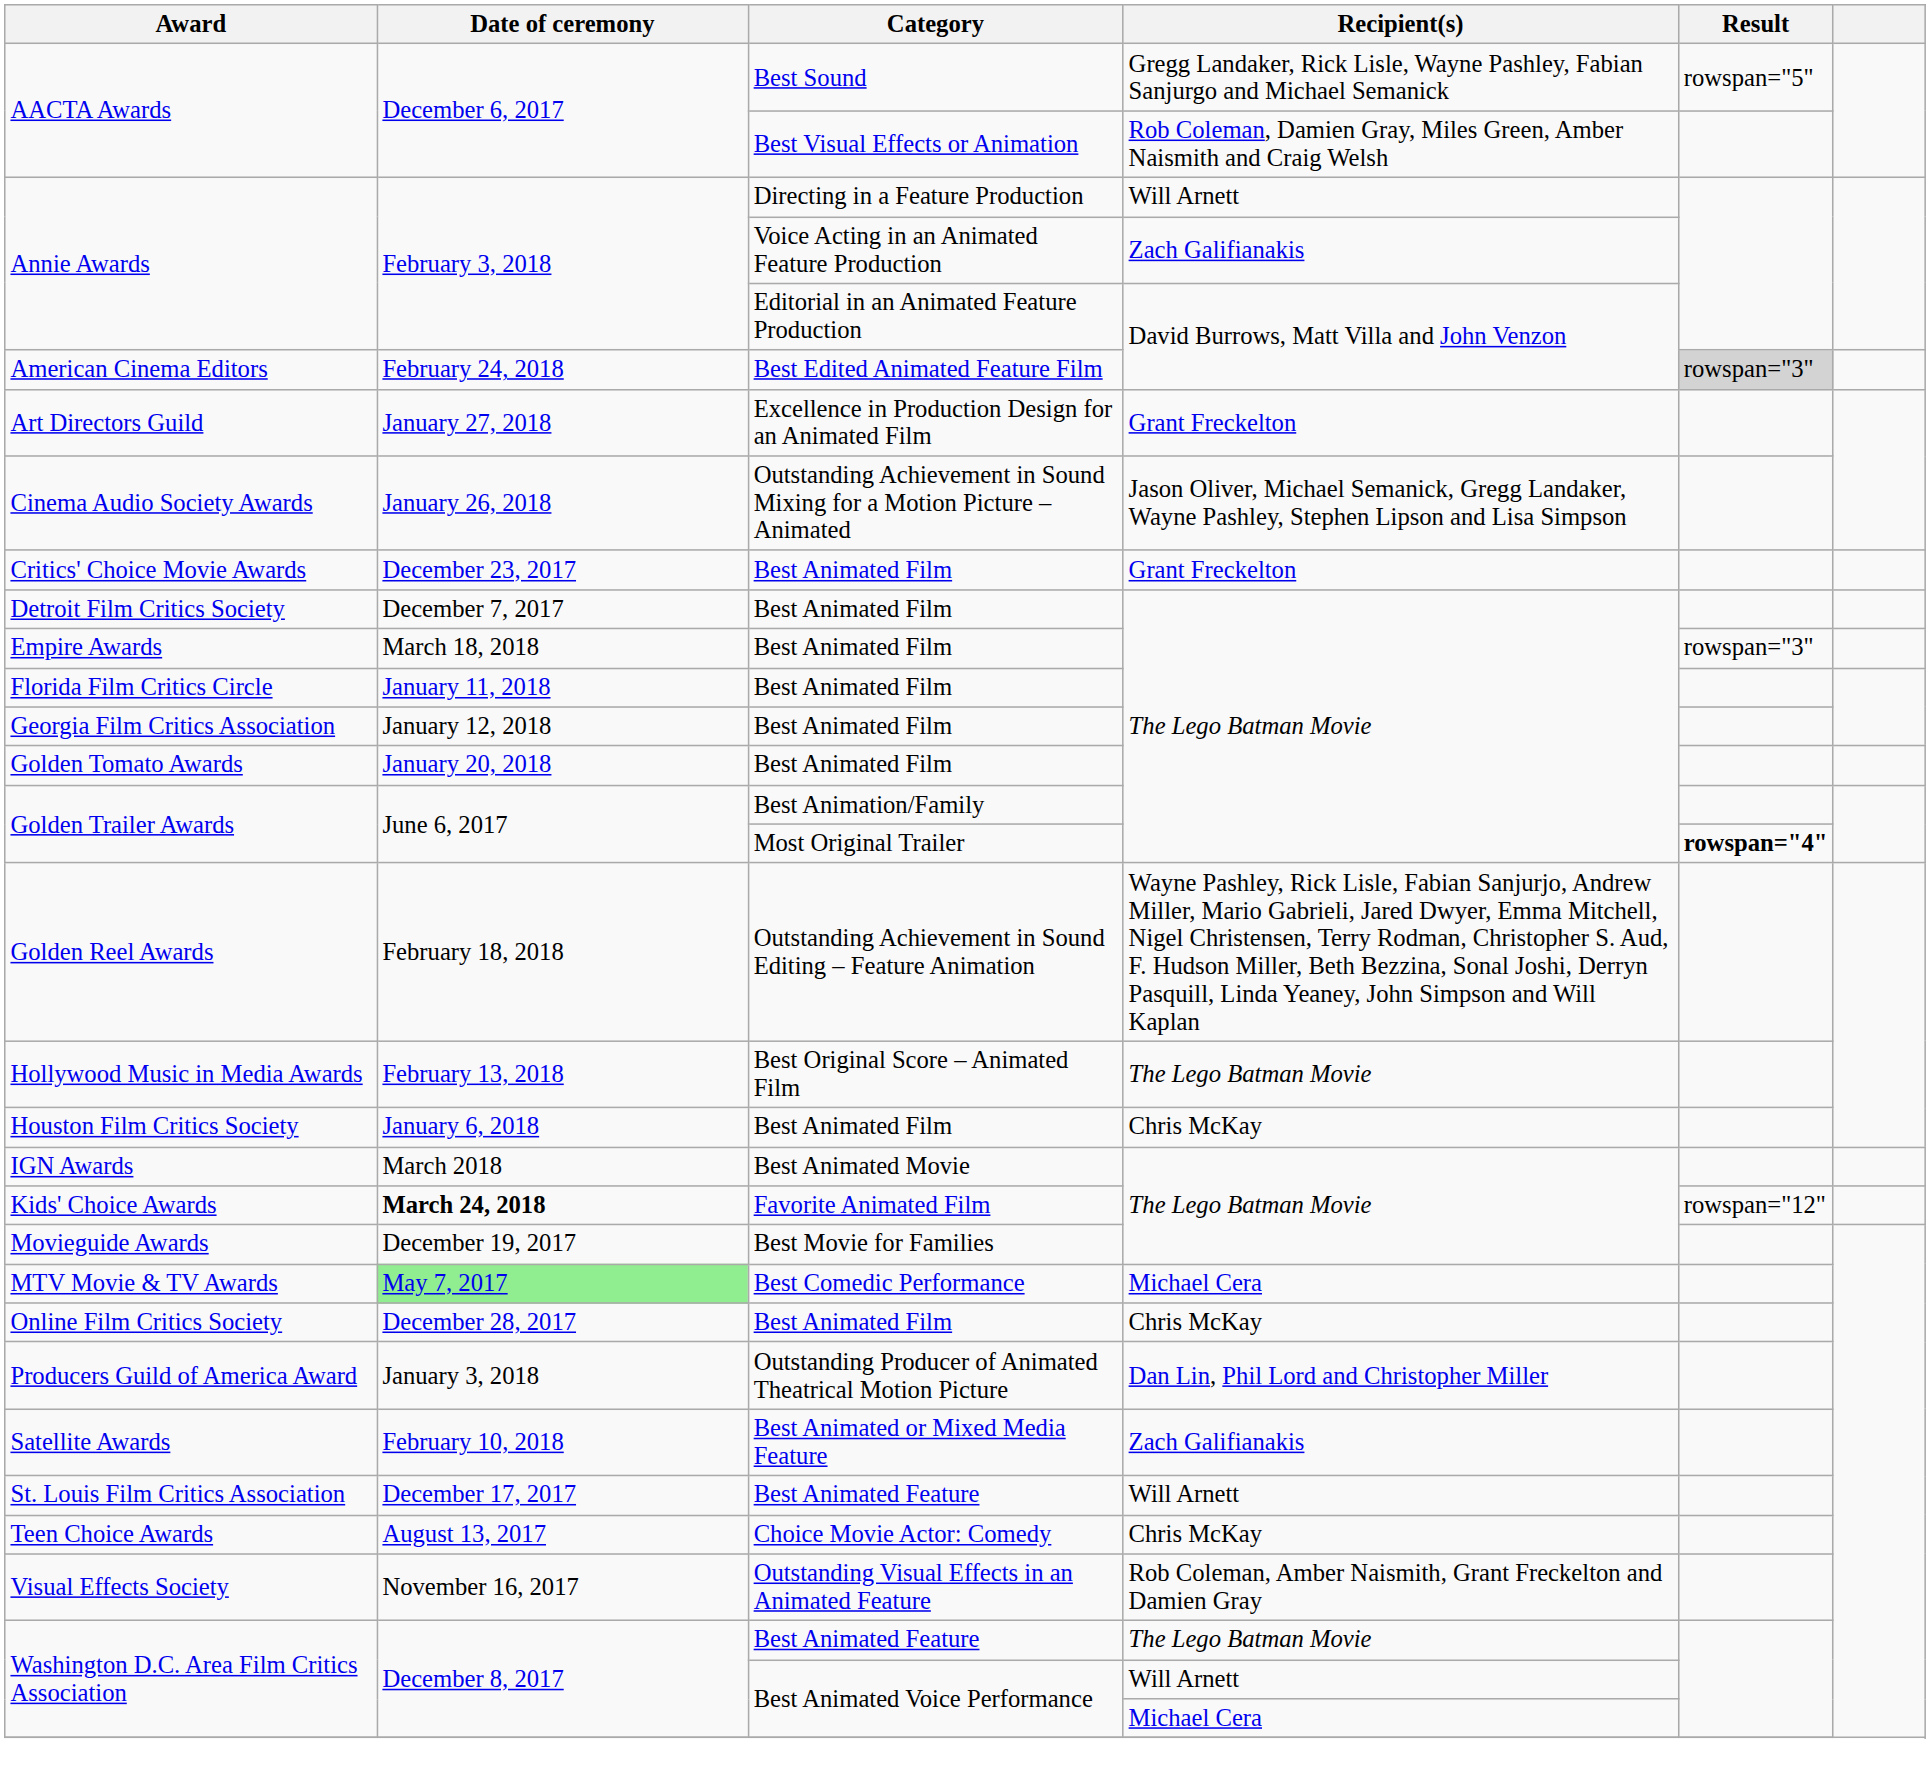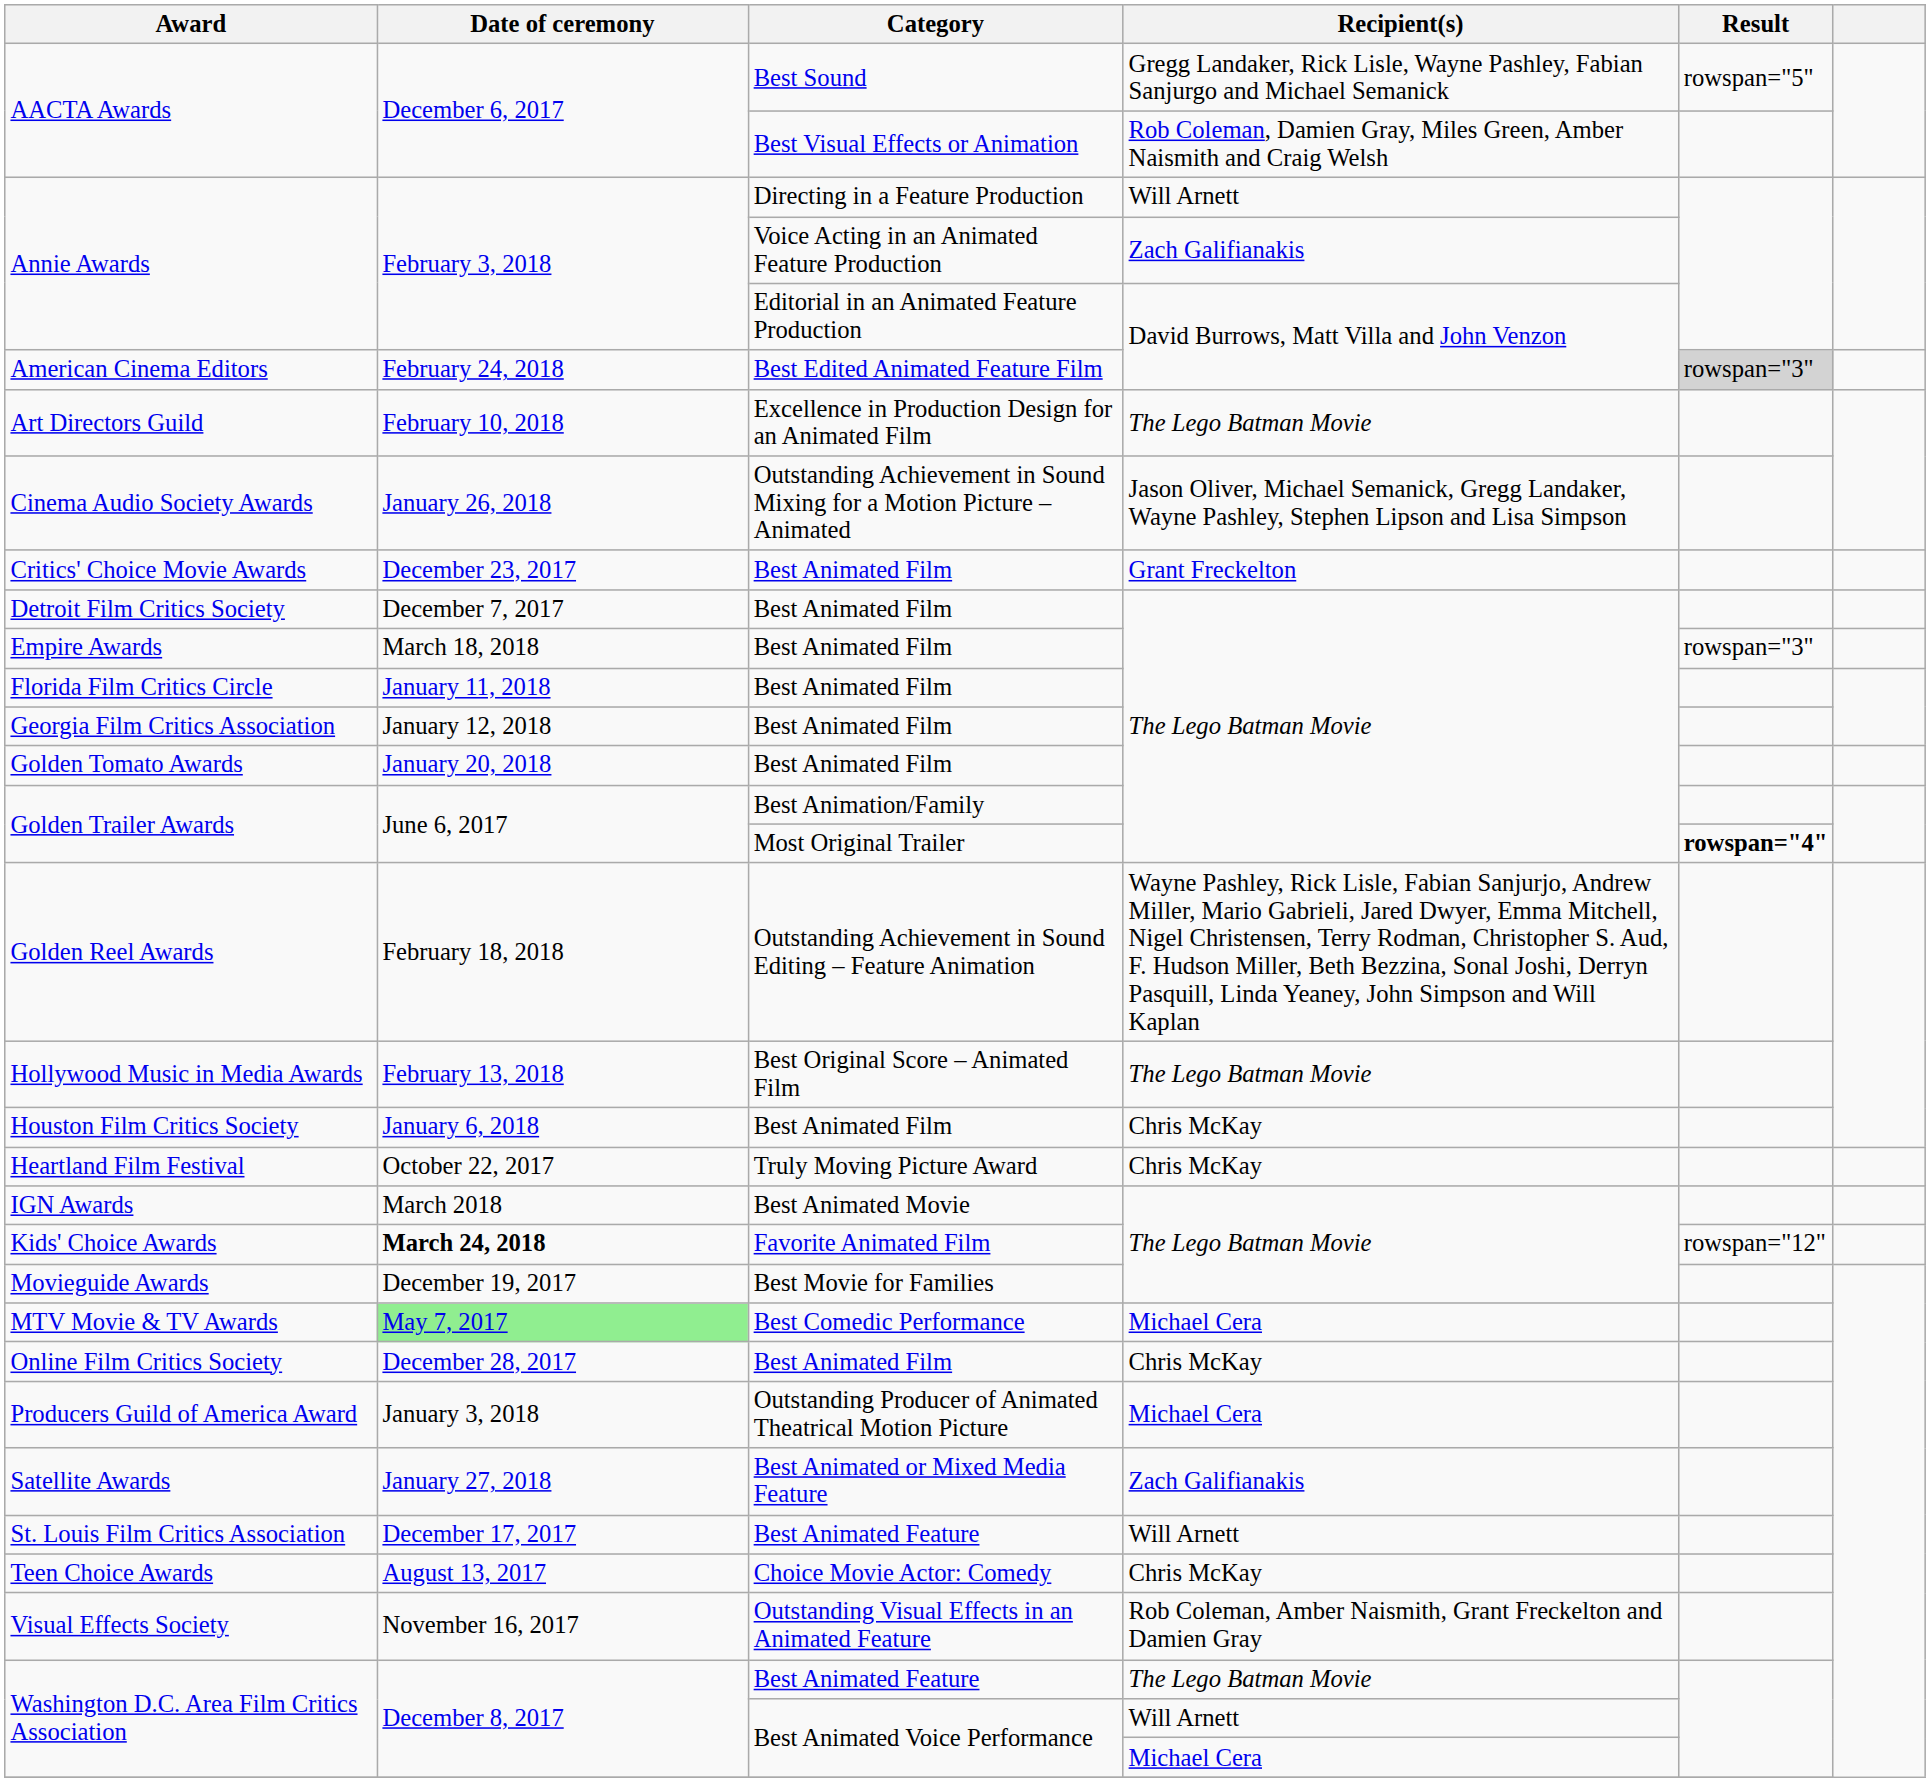 <table class="wikitable sortable">
 <tr style="text-align:center;">
 <th style="width:20%;">Award</th>
 <th style="width:20%;">Date of ceremony</th>
 <th style="width:20%;">Category</th>
 <th style="width:30%;">Recipient(s)</th>
 <th style="width:5%;">Result</th>
 <th style="width:5%;"></th>
 </tr>
 <tr>
 <td rowspan="2"><a href='#'>AACTA Awards</a></td>
 <td rowspan="2"><a href='#'>December 6, 2017</a></td>
 <td><a href='#'>Best Sound</a></td>
 <td>Gregg Landaker, Rick Lisle, Wayne Pashley, Fabian Sanjurgo and Michael Semanick</td>
 <td>rowspan="5" </td>
 <td rowspan="2" style="text-align:center;"></td>
 </tr>
 <tr>
 <td><a href='#'>Best Visual Effects or Animation</a></td>
 <td><a href='#'>Rob Coleman</a>, Damien Gray, Miles Green, Amber Naismith and Craig Welsh</td>
 </tr>
 <tr>
 <td rowspan="3"><a href='#'>Annie Awards</a></td>
 <td rowspan="3"><a href='#'>February 3, 2018</a></td>
 <td>Directing in a Feature Production</td>
 <td>Will Arnett</td>
 <td rowspan="3" style="text-align:center;"></td>
 </tr>
 <tr>
 <td>Voice Acting in an Animated Feature Production</td>
 <td><a href='#'>Zach Galifianakis</a></td>
 </tr>
 <tr>
 <td>Editorial in an Animated Feature Production</td>
 <td rowspan="2">David Burrows, Matt Villa and <a href='#'>John Venzon</a></td>
 </tr>
 <tr>
 <td><a href='#'>American Cinema Editors</a></td>
 <td><a href='#'>February 24, 2018</a></td>
 <td><a href='#'>Best Edited Animated Feature Film</a></td>
 <td style="background: lightgrey;">rowspan="3" </td>
 <td style="text-align:center;"></td>
 </tr>
 <tr>
 <td><a href='#'>Art Directors Guild</a></td>
-<td><a href='#'>January 27, 2018</a></td>
+<td><a href='#'>February 10, 2018</a></td>
 <td>Excellence in Production Design for an Animated Film</td>
-<td><a href='#'>Grant Freckelton</a></td>
+<td><em>The Lego Batman Movie</em></td>
 <td style="text-align:center;"></td>
 </tr>
 <tr>
 <td><a href='#'>Cinema Audio Society Awards</a></td>
 <td><a href='#'>January 26, 2018</a></td>
 <td>Outstanding Achievement in Sound Mixing for a Motion Picture – Animated</td>
 <td>Jason Oliver, Michael Semanick, Gregg Landaker, Wayne Pashley, Stephen Lipson and Lisa Simpson</td>
 <td style="text-align:center;"></td>
 </tr>
 <tr>
 <td><a href='#'>Critics' Choice Movie Awards</a></td>
 <td><a href='#'>December 23, 2017</a></td>
 <td><a href='#'>Best Animated Film</a></td>
 <td><a href='#'>Grant Freckelton</a></td>
 <td></td>
 <td style="text-align:center;"></td>
 </tr>
 <tr>
 <td><a href='#'>Detroit Film Critics Society</a></td>
 <td>December 7, 2017</td>
 <td>Best Animated Film</td>
 <td rowspan="7"><em>The Lego Batman Movie</em></td>
 <td></td>
 <td style="text-align:center;"></td>
 </tr>
 <tr>
 <td><a href='#'>Empire Awards</a></td>
 <td>March 18, 2018</td>
 <td>Best Animated Film</td>
 <td>rowspan="3" </td>
 <td style="text-align:center;"><br></td>
 </tr>
 <tr>
 <td><a href='#'>Florida Film Critics Circle</a></td>
 <td><a href='#'>January 11, 2018</a></td>
 <td>Best Animated Film</td>
 <td style="text-align:center;"></td>
 </tr>
 <tr>
 <td><a href='#'>Georgia Film Critics Association</a></td>
 <td>January 12, 2018</td>
 <td>Best Animated Film</td>
 <td style="text-align:center;"></td>
 </tr>
 <tr>
 <td><a href='#'>Golden Tomato Awards</a></td>
 <td><a href='#'>January 20, 2018</a></td>
 <td>Best Animated Film</td>
 <td></td>
 <td style="text-align:center;"></td>
 </tr>
 <tr>
 <td rowspan="2"><a href='#'>Golden Trailer Awards</a></td>
 <td rowspan="2">June 6, 2017</td>
 <td>Best Animation/Family</td>
 <td></td>
 <td rowspan="2" style="text-align:center;"></td>
 </tr>
 <tr>
 <td>Most Original Trailer</td>
 <td><strong>rowspan="4" </strong></td>
 </tr>
 <tr>
 <td><a href='#'>Golden Reel Awards</a></td>
 <td>February 18, 2018</td>
 <td>Outstanding Achievement in Sound Editing – Feature Animation</td>
 <td>Wayne Pashley, Rick Lisle, Fabian Sanjurjo, Andrew Miller, Mario Gabrieli, Jared Dwyer, Emma Mitchell, Nigel Christensen, Terry Rodman, Christopher S. Aud, F. Hudson Miller, Beth Bezzina, Sonal Joshi, Derryn Pasquill, Linda Yeaney, John Simpson and Will Kaplan</td>
 <td style="text-align:center;"></td>
 </tr>
 <tr>
 <td><a href='#'>Hollywood Music in Media Awards</a></td>
 <td><a href='#'>February 13, 2018</a></td>
 <td>Best Original Score – Animated Film</td>
 <td><em>The Lego Batman Movie</em></td>
 <td style="text-align:center;"></td>
 </tr>
 <tr>
 <td><a href='#'>Houston Film Critics Society</a></td>
 <td><a href='#'>January 6, 2018</a></td>
 <td>Best Animated Film</td>
 <td>Chris McKay</td>
 <td style="text-align:center;"></td>
 </tr>
 <tr>
+<td><a href='#'>Heartland Film Festival</a></td>
+<td>October 22, 2017</td>
+<td>Truly Moving Picture Award</td>
+<td>Chris McKay</td>
+<td></td>
+<td style="text-align:center;"></td>
+</tr>
+<tr>
 <td><a href='#'>IGN Awards</a></td>
 <td>March 2018</td>
 <td>Best Animated Movie</td>
 <td rowspan="3"><em>The Lego Batman Movie</em></td>
 <td></td>
 <td style="text-align:center;"></td>
 </tr>
 <tr>
 <td><a href='#'>Kids' Choice Awards</a></td>
 <td><strong>March 24, 2018</strong></td>
 <td><a href='#'>Favorite Animated Film</a></td>
 <td>rowspan="12" </td>
 <td style="text-align:center;"></td>
 </tr>
 <tr>
 <td><a href='#'>Movieguide Awards</a></td>
 <td>December 19, 2017</td>
 <td>Best Movie for Families</td>
 <td style="text-align:center;"></td>
 </tr>
 <tr>
 <td><a href='#'>MTV Movie & TV Awards</a></td>
 <td style="background: lightgreen;"><a href='#'>May 7, 2017</a></td>
 <td><a href='#'>Best Comedic Performance</a></td>
 <td><a href='#'>Michael Cera</a></td>
 <td style="text-align:center;"><br></td>
 </tr>
 <tr>
 <td><a href='#'>Online Film Critics Society</a></td>
 <td><a href='#'>December 28, 2017</a></td>
 <td><a href='#'>Best Animated Film</a></td>
 <td>Chris McKay</td>
 <td style="text-align:center;"><br></td>
 </tr>
 <tr>
 <td><a href='#'>Producers Guild of America Award</a></td>
 <td>January 3, 2018</td>
 <td>Outstanding Producer of Animated Theatrical Motion Picture</td>
-<td><a href='#'>Dan Lin</a>, <a href='#'>Phil Lord and Christopher Miller</a></td>
+<td><a href='#'>Michael Cera</a></td>
 <td style="text-align:center;"></td>
 </tr>
 <tr>
 <td><a href='#'>Satellite Awards</a></td>
-<td><a href='#'>February 10, 2018</a></td>
+<td><a href='#'>January 27, 2018</a></td>
 <td><a href='#'>Best Animated or Mixed Media Feature</a></td>
 <td><a href='#'>Zach Galifianakis</a></td>
 <td style="text-align:center;"></td>
 </tr>
 <tr>
 <td><a href='#'>St. Louis Film Critics Association</a></td>
 <td><a href='#'>December 17, 2017</a></td>
 <td><a href='#'>Best Animated Feature</a></td>
 <td>Will Arnett</td>
 <td style="text-align:center;"></td>
 </tr>
 <tr>
 <td><a href='#'>Teen Choice Awards</a></td>
 <td><a href='#'>August 13, 2017</a></td>
 <td><a href='#'>Choice Movie Actor: Comedy</a></td>
 <td>Chris McKay</td>
 <td style="text-align:center;"></td>
 </tr>
 <tr>
 <td><a href='#'>Visual Effects Society</a></td>
 <td>November 16, 2017</td>
 <td><a href='#'>Outstanding Visual Effects in an Animated Feature</a></td>
 <td>Rob Coleman, Amber Naismith, Grant Freckelton and Damien Gray</td>
 <td style="text-align:center;"></td>
 </tr>
 <tr>
 <td rowspan="3"><a href='#'>Washington D.C. Area Film Critics Association</a></td>
 <td rowspan="3"><a href='#'>December 8, 2017</a></td>
 <td><a href='#'>Best Animated Feature</a></td>
 <td><em>The Lego Batman Movie</em></td>
 <td rowspan="3" style="text-align:center;"></td>
 </tr>
 <tr>
 <td rowspan="2">Best Animated Voice Performance</td>
 <td>Will Arnett</td>
 </tr>
 <tr>
 <td><a href='#'>Michael Cera</a></td>
 </tr>
 <tr>
 </tr>
 </table>
